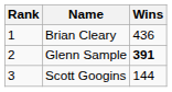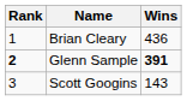 <table class="wikitable">
 <tr>
 <th>Rank</th>
 <th>Name</th>
 <th>Wins</th>
 </tr>
 <tr>
 <td>1</td>
 <td>Brian Cleary</td>
 <td>436</td>
 </tr>
 <tr>
-<td>2</td>
+<td><strong>2</strong></td>
 <td>Glenn Sample</td>
 <td><strong>391</strong></td>
 </tr>
 <tr>
 <td>3</td>
 <td>Scott Googins</td>
-<td>144</td>
+<td>143</td>
 </tr>
 </table>
